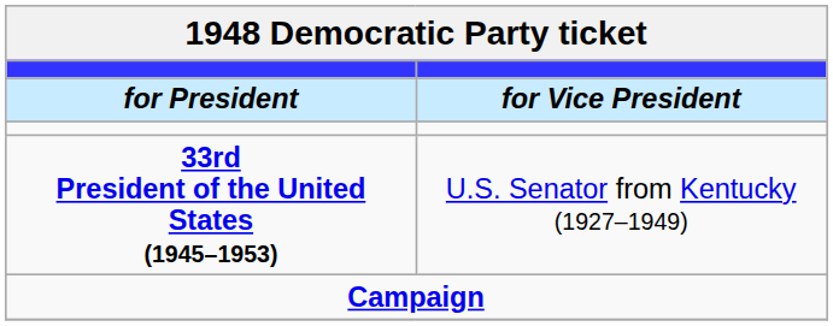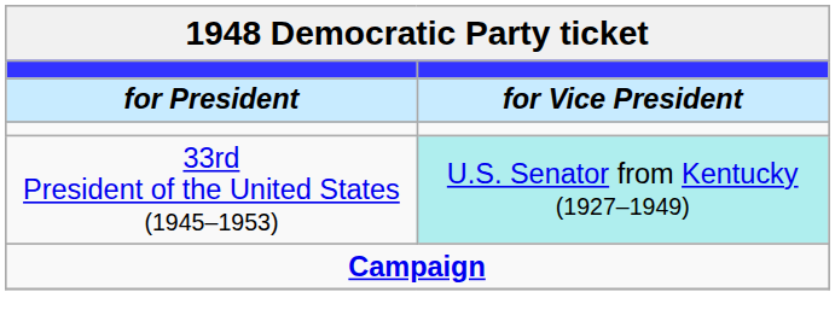 <table class="wikitable" style="font-size:90%; text-align:center;">
 <tr>
 <td style="background:#f1f1f1;" colspan="30"><big><strong>1948 Democratic Party ticket </strong></big></td>
 </tr>
 <tr>
 <th style="width:3em; font-size:135%; background:#3333FF; width:200px;"><a href='#'></a></th>
 <th style="width:3em; font-size:135%; background:#3333FF; width:200px;"><a href='#'></a></th>
 </tr>
 <tr>
 <td style="width:3em; font-size:100%; color:#000; background:#C8EBFF; width:200px;"><strong><em>for President</em></strong></td>
 <td style="width:3em; font-size:100%; color:#000; background:#C8EBFF; width:200px;"><strong><em>for Vice President</em></strong></td>
 </tr>
 <tr>
 <td></td>
 <td></td>
 </tr>
 <tr>
-<td><strong><a href='#'>33rd</a><br><a href='#'>President of the United States</a><br><small>(1945–1953)</small></strong></td>
-<td><a href='#'>U.S. Senator</a> from <a href='#'>Kentucky</a><br><small>(1927–1949)</small></td>
+<td><a href='#'>33rd</a><br><a href='#'>President of the United States</a><br><small>(1945–1953)</small></td>
+<td style="background: paleturquoise;"><a href='#'>U.S. Senator</a> from <a href='#'>Kentucky</a><br><small>(1927–1949)</small></td>
 </tr>
 <tr>
 <td colspan=2><a href='#'><strong>Campaign</strong></a></td>
 </tr>
 <tr>
 </tr>
 </table>
